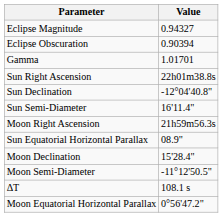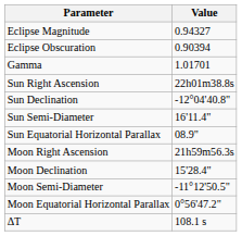 <table class="wikitable">
 <tr>
 <th>Parameter</th>
 <th>Value</th>
 </tr>
 <tr>
 <td>Eclipse Magnitude</td>
 <td>0.94327</td>
 </tr>
 <tr>
 <td>Eclipse Obscuration</td>
 <td>0.90394</td>
 </tr>
 <tr>
 <td>Gamma</td>
 <td>1.01701</td>
 </tr>
 <tr>
 <td>Sun Right Ascension</td>
 <td>22h01m38.8s</td>
 </tr>
 <tr>
 <td>Sun Declination</td>
 <td>-12°04'40.8"</td>
 </tr>
 <tr>
 <td>Sun Semi-Diameter</td>
 <td>16'11.4"</td>
 </tr>
 <tr>
+<td>Sun Equatorial Horizontal Parallax</td>
+<td>08.9"</td>
+</tr>
+<tr>
 <td>Moon Right Ascension</td>
 <td>21h59m56.3s</td>
-</tr>
-<tr>
-<td>Sun Equatorial Horizontal Parallax</td>
-<td>08.9"</td>
 </tr>
 <tr>
 <td>Moon Declination</td>
 <td>15'28.4"</td>
 </tr>
 <tr>
 <td>Moon Semi-Diameter</td>
 <td>-11°12'50.5"</td>
 </tr>
 <tr>
+<td>Moon Equatorial Horizontal Parallax</td>
+<td>0°56'47.2"</td>
+</tr>
+<tr>
 <td>ΔT</td>
 <td>108.1 s</td>
 </tr>
-<tr>
-<td>Moon Equatorial Horizontal Parallax</td>
-<td>0°56'47.2"</td>
-</tr>
 </table>
